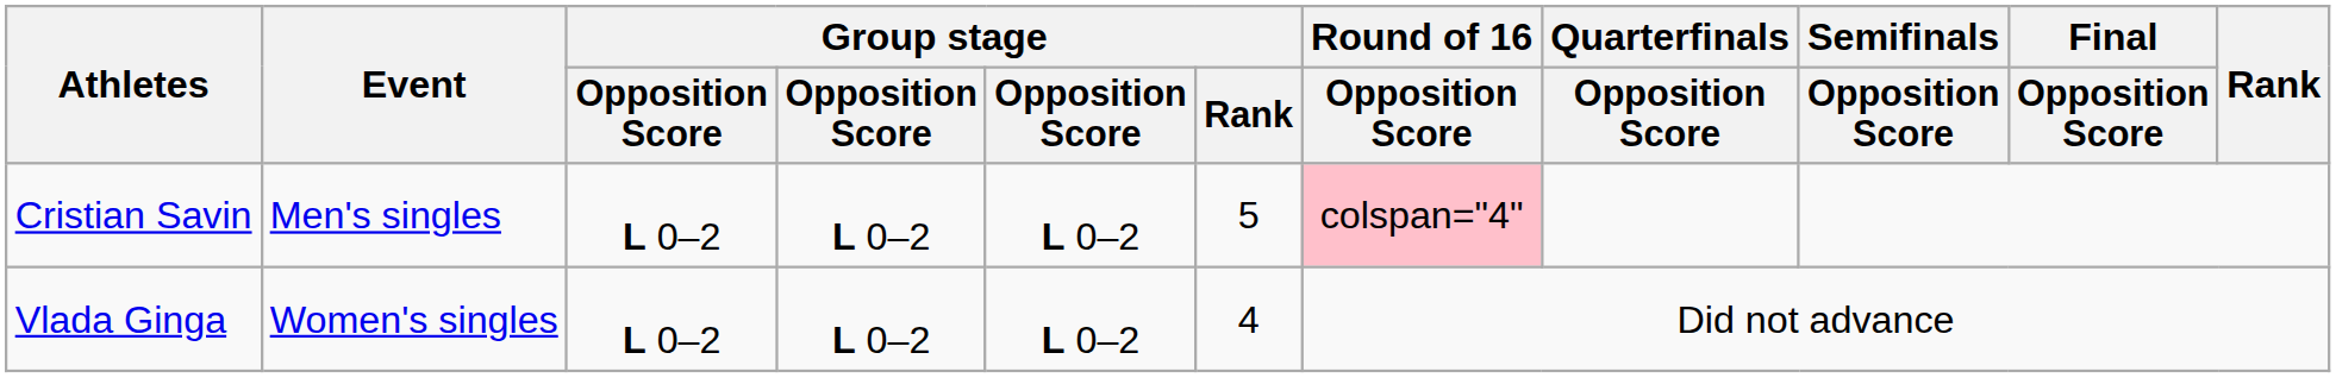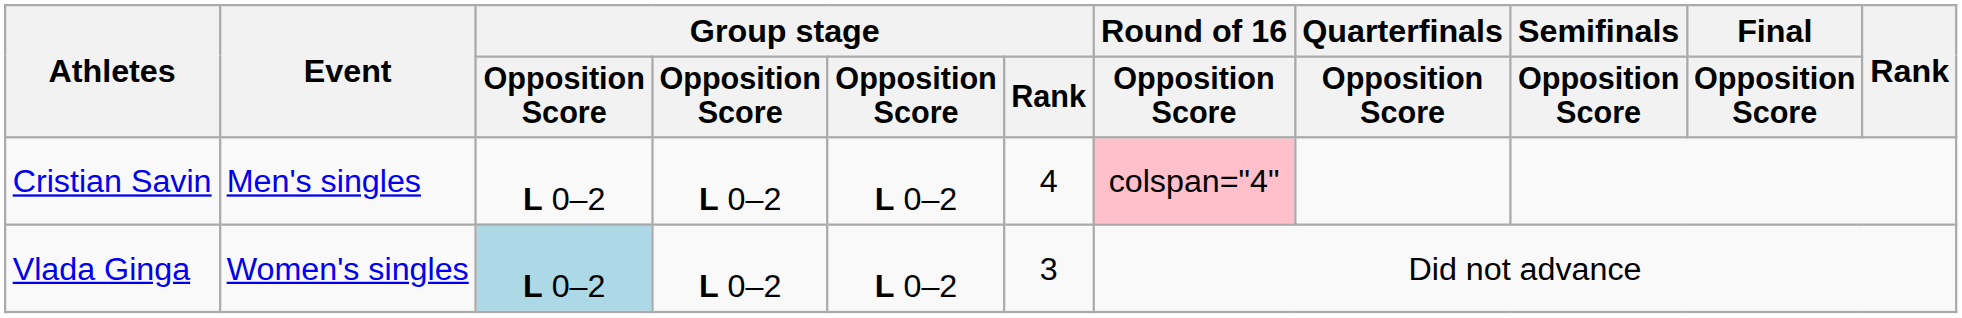 <table class="wikitable" style="font-size:90%">
 <tr>
 <th rowspan="2">Athletes</th>
 <th rowspan="2">Event</th>
 <th colspan="4">Group stage</th>
 <th>Round of 16</th>
 <th>Quarterfinals</th>
 <th>Semifinals</th>
 <th>Final</th>
 <th rowspan="2">Rank</th>
 </tr>
 <tr style="font-size:95%">
 <th>Opposition<br>Score</th>
 <th>Opposition<br>Score</th>
 <th>Opposition<br>Score</th>
 <th>Rank</th>
 <th>Opposition<br>Score</th>
 <th>Opposition<br>Score</th>
 <th>Opposition<br>Score</th>
 <th>Opposition<br>Score</th>
 </tr>
 <tr align="center">
 <td align=left><a href='#'>Cristian Savin</a></td>
 <td align=left><a href='#'>Men's singles</a></td>
 <td><br><strong>L</strong> 0–2</td>
 <td><br> <strong>L</strong> 0–2</td>
 <td><br> <strong>L</strong> 0–2</td>
-<td>5</td>
+<td>4</td>
 <td style="background: pink;">colspan="4" </td>
 <td></td>
 </tr>
 <tr align="center">
 <td align=left><a href='#'>Vlada Ginga</a></td>
 <td align="left" rowspan="2"><a href='#'>Women's singles</a></td>
-<td><br><strong>L</strong> 0–2</td>
+<td style="background: lightblue;"><br><strong>L</strong> 0–2</td>
 <td><br> <strong>L</strong> 0–2</td>
 <td><br> <strong>L</strong> 0–2</td>
-<td>4</td>
+<td>3</td>
 <td colspan=5>Did not advance</td>
 </tr>
 </table>
